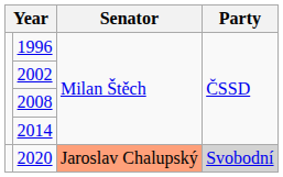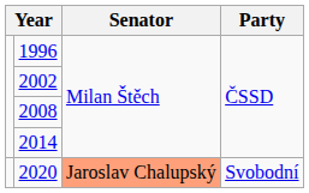 <table class="wikitable">
 <tr>
 <th colspan="2">Year</th>
 <th>Senator</th>
 <th>Party</th>
 </tr>
 <tr>
 <td rowspan="4" style="background-color:"></td>
 <td><a href='#'>1996</a></td>
 <td rowspan="4"><a href='#'>Milan Štěch</a></td>
 <td rowspan="4"><a href='#'>ČSSD</a></td>
 </tr>
 <tr>
 <td><a href='#'>2002</a></td>
 </tr>
 <tr>
 <td><a href='#'>2008</a></td>
 </tr>
 <tr>
 <td><a href='#'>2014</a></td>
 </tr>
 <tr>
 <td style="background-color:"></td>
 <td><a href='#'>2020</a></td>
 <td style="background: lightsalmon;">Jaroslav Chalupský</td>
-<td style="background: lightgrey;"><a href='#'>Svobodní</a></td>
+<td><a href='#'>Svobodní</a></td>
 </tr>
 </table>
